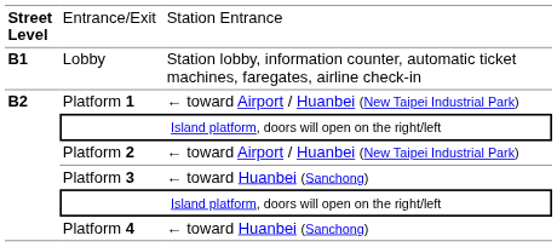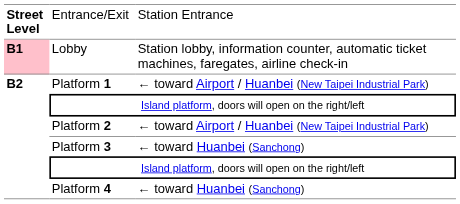 <table table border=0 cellspacing=0 cellpadding=3>
 <tr>
 <td style="border-bottom:solid 1px gray;border-top:solid 1px gray;" width=50 valign=top><strong>Street Level</strong></td>
 <td style="border-top:solid 1px gray;border-bottom:solid 1px gray;" width=100 valign=top>Entrance/Exit</td>
 <td style="border-top:solid 1px gray;border-bottom:solid 1px gray;" width=390 valign=top>Station Entrance</td>
 </tr>
 <tr>
-<td style="border-bottom:solid 1px gray;" valign=top><strong>B1</strong></td>
+<td style="background: pink; border-bottom:solid 1px gray;" valign=top><strong>B1</strong></td>
 <td style="border-bottom:solid 1px gray;" valign=top>Lobby</td>
 <td style="border-bottom:solid 1px gray;" valign=top>Station lobby, information counter, automatic ticket machines, faregates, airline check-in</td>
 </tr>
 <tr>
 <td style="border-bottom:solid 1px gray;" rowspan=6 valign=top><strong>B2</strong></td>
 <td>Platform <span><strong>1</strong></span></td>
 <td>←  toward <a href='#'>Airport</a> / <a href='#'>Huanbei</a> <small>(<a href='#'>New Taipei Industrial Park</a>)</small></td>
 </tr>
 <tr>
 <td style="border-top:solid 2px black;border-right:solid 2px black;border-left:solid 2px black;border-bottom:solid 2px black;text-align:center;" colspan=2><small><a href='#'>Island platform</a>, doors will open on the right/left</small></td>
 </tr>
 <tr>
 <td style="border-bottom:solid 1px gray;">Platform <span><strong>2</strong></span></td>
 <td style="border-bottom:solid 1px gray;">←   toward <a href='#'>Airport</a> / <a href='#'>Huanbei</a> <small>(<a href='#'>New Taipei Industrial Park</a>)</small></td>
 </tr>
 <tr>
 <td>Platform <span><strong>3</strong></span></td>
 <td>←  toward <a href='#'>Huanbei</a> <small>(<a href='#'>Sanchong</a>)</small></td>
 </tr>
 <tr>
 <td style="border-top:solid 2px black;border-right:solid 2px black;border-left:solid 2px black;border-bottom:solid 2px black;text-align:center;" colspan=2><small><a href='#'>Island platform</a>, doors will open on the right/left</small></td>
 </tr>
 <tr>
 <td style="border-bottom:solid 1px gray;">Platform <span><strong>4</strong></span></td>
 <td style="border-bottom:solid 1px gray;">←  toward <a href='#'>Huanbei</a> <small>(<a href='#'>Sanchong</a>)</small></td>
 </tr>
 </table>
